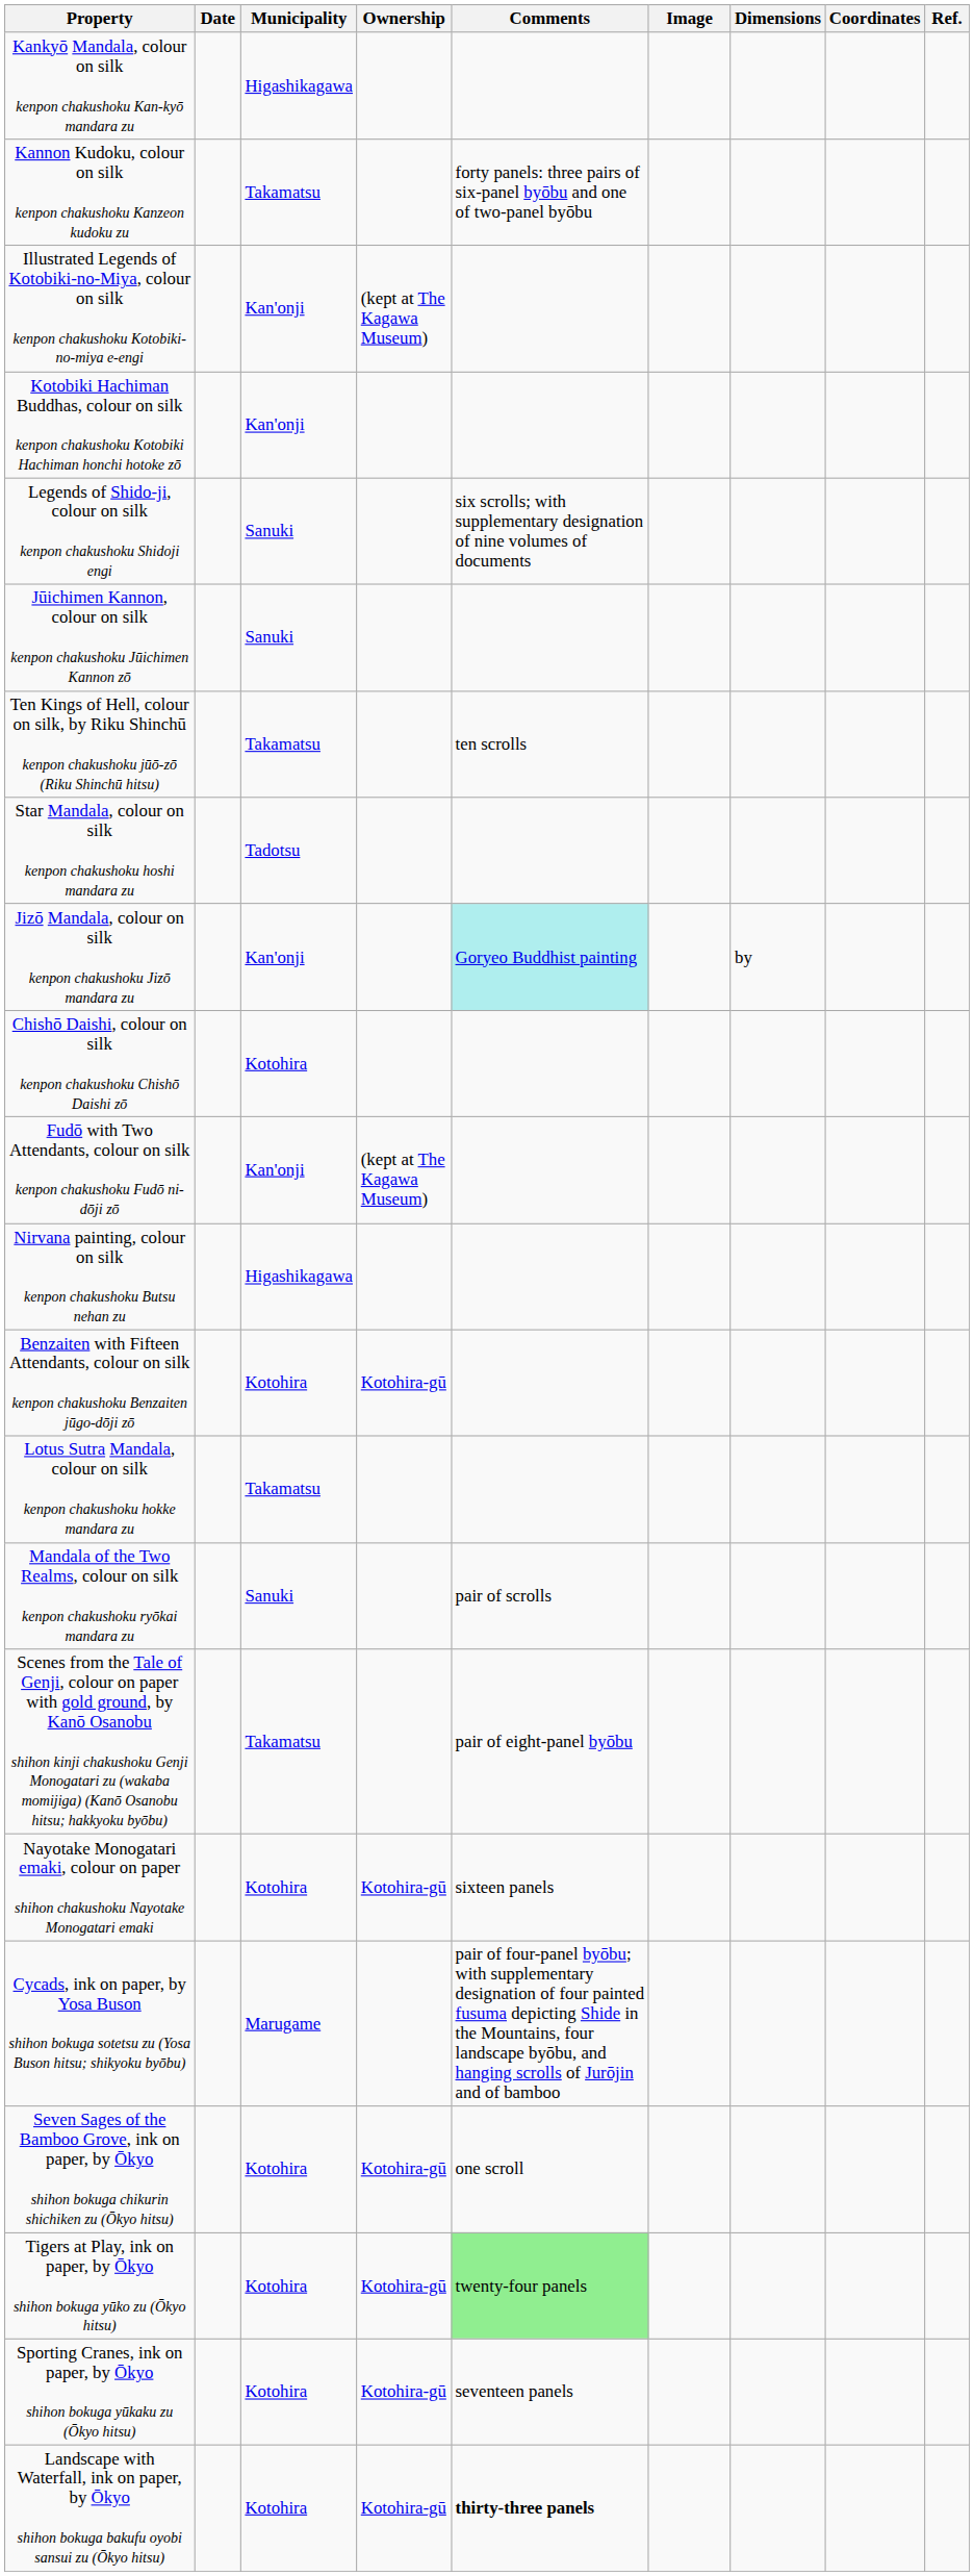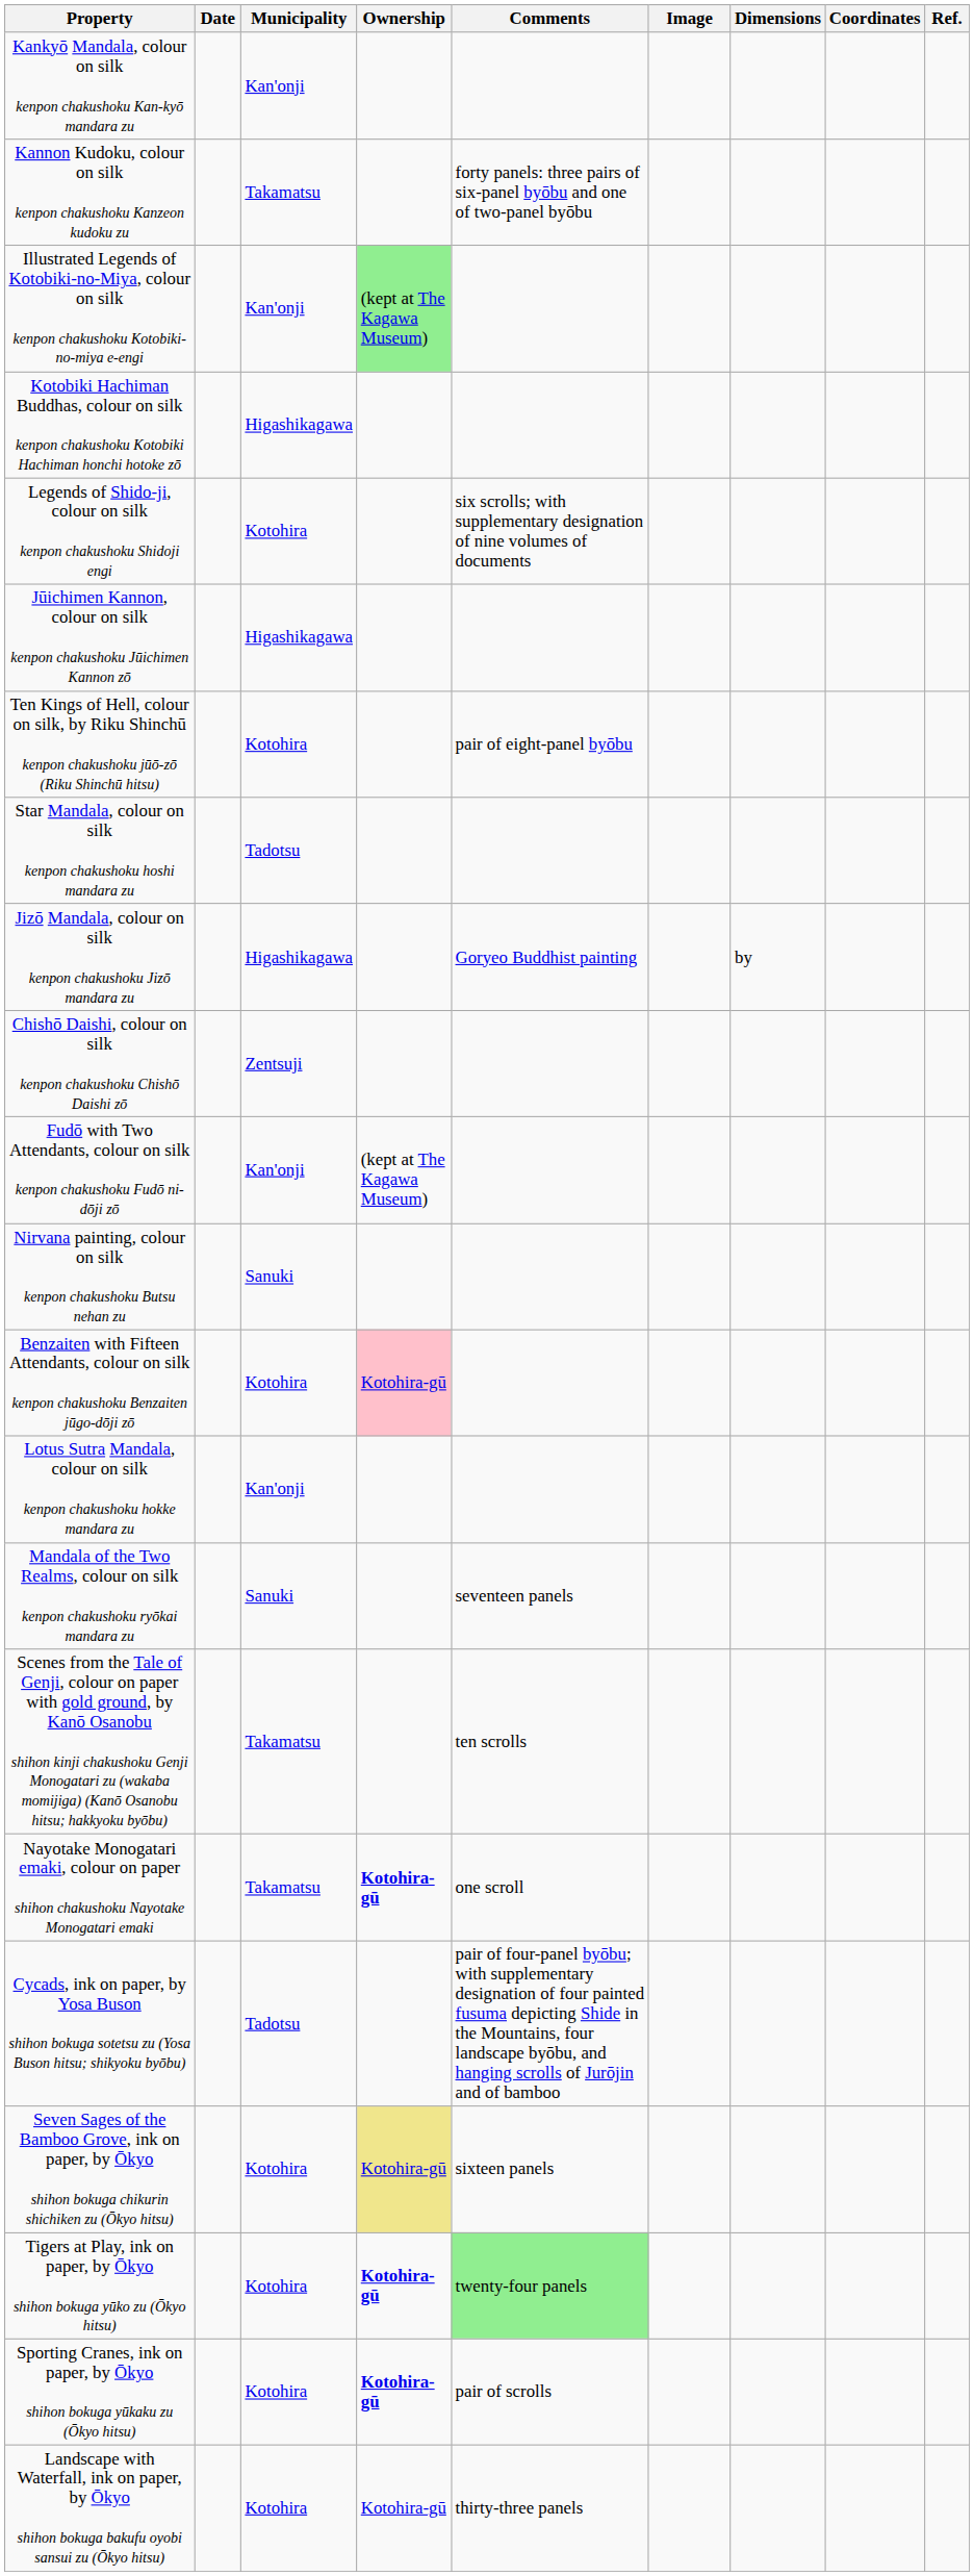 <table class="wikitable sortable"  style="width:100%;">
 <tr>
 <th width="25%" align="left">Property</th>
 <th width="5%" align="left" data-sort-type="number">Date</th>
 <th width="10%" align="left">Municipality</th>
 <th width="10%" align="left">Ownership</th>
 <th width="25%" align="left" class="unsortable">Comments</th>
 <th width="10%" align="left" class="unsortable">Image</th>
 <th width="5%" align="left" class="unsortable">Dimensions</th>
 <th width="5%" align="left" class="unsortable">Coordinates</th>
 <th width="5%" align="left" class="unsortable">Ref.</th>
 </tr>
 <tr>
 <td align="center"><a href='#'>Kankyō</a> <a href='#'>Mandala</a>, colour on silk<br><br><small><em>kenpon chakushoku Kan-kyō mandara zu</em></small></td>
 <td></td>
-<td><a href='#'>Higashikagawa</a></td>
+<td><a href='#'>Kan'onji</a></td>
 <td></td>
 <td></td>
 <td></td>
 <td></td>
 <td></td>
 <td></td>
 </tr>
 <tr>
 <td align="center"><a href='#'>Kannon</a> Kudoku, colour on silk<br><br><small><em>kenpon chakushoku Kanzeon kudoku zu</em></small></td>
 <td></td>
 <td><a href='#'>Takamatsu</a></td>
 <td></td>
 <td>forty panels: three pairs of six-panel <a href='#'>byōbu</a> and one of two-panel byōbu</td>
 <td></td>
 <td></td>
 <td></td>
 <td></td>
 </tr>
 <tr>
 <td align="center">Illustrated Legends of <a href='#'>Kotobiki-no-Miya</a>, colour on silk<br><br><small><em>kenpon chakushoku Kotobiki-no-miya e-engi</em></small></td>
 <td></td>
 <td><a href='#'>Kan'onji</a></td>
-<td><br>(kept at <a href='#'>The Kagawa Museum</a>)</td>
+<td style="background: lightgreen;"><br>(kept at <a href='#'>The Kagawa Museum</a>)</td>
 <td></td>
 <td></td>
 <td></td>
 <td></td>
 <td></td>
 </tr>
 <tr>
 <td align="center"><a href='#'>Kotobiki Hachiman</a> Buddhas, colour on silk<br><br><small><em>kenpon chakushoku Kotobiki Hachiman honchi hotoke zō</em></small></td>
 <td></td>
-<td><a href='#'>Kan'onji</a></td>
+<td><a href='#'>Higashikagawa</a></td>
 <td></td>
 <td></td>
 <td align="center"></td>
 <td></td>
 <td></td>
 <td></td>
 </tr>
 <tr>
 <td align="center">Legends of <a href='#'>Shido-ji</a>, colour on silk<br><br><small><em>kenpon chakushoku Shidoji engi</em></small></td>
 <td></td>
-<td><a href='#'>Sanuki</a></td>
+<td><a href='#'>Kotohira</a></td>
 <td></td>
 <td>six scrolls; with supplementary designation of nine volumes of documents</td>
 <td></td>
 <td></td>
 <td></td>
 <td></td>
 </tr>
 <tr>
 <td align="center"><a href='#'>Jūichimen Kannon</a>, colour on silk<br><br><small><em>kenpon chakushoku Jūichimen Kannon zō</em></small></td>
 <td></td>
-<td><a href='#'>Sanuki</a></td>
+<td><a href='#'>Higashikagawa</a></td>
 <td></td>
 <td></td>
 <td align="center"></td>
 <td></td>
 <td></td>
 <td></td>
 </tr>
 <tr>
 <td align="center">Ten Kings of Hell, colour on silk, by Riku Shinchū<br><br><small><em>kenpon chakushoku jūō-zō (Riku Shinchū hitsu)</em></small></td>
 <td></td>
-<td><a href='#'>Takamatsu</a></td>
+<td><a href='#'>Kotohira</a></td>
 <td></td>
-<td>ten scrolls</td>
+<td>pair of eight-panel <a href='#'>byōbu</a></td>
 <td></td>
 <td></td>
 <td></td>
 <td></td>
 </tr>
 <tr>
 <td align="center">Star <a href='#'>Mandala</a>, colour on silk<br><br><small><em>kenpon chakushoku hoshi mandara zu</em></small></td>
 <td></td>
 <td><a href='#'>Tadotsu</a></td>
 <td></td>
 <td></td>
 <td></td>
 <td></td>
 <td></td>
 <td></td>
 </tr>
 <tr>
 <td align="center"><a href='#'>Jizō</a> <a href='#'>Mandala</a>, colour on silk<br><br><small><em>kenpon chakushoku Jizō mandara zu</em></small></td>
 <td></td>
-<td><a href='#'>Kan'onji</a></td>
+<td><a href='#'>Higashikagawa</a></td>
 <td></td>
-<td style="background: paleturquoise;"><a href='#'>Goryeo Buddhist painting</a></td>
+<td><a href='#'>Goryeo Buddhist painting</a></td>
 <td></td>
 <td> by </td>
 <td></td>
 <td></td>
 </tr>
 <tr>
 <td align="center"><a href='#'>Chishō Daishi</a>, colour on silk<br><br><small><em>kenpon chakushoku Chishō Daishi zō</em></small></td>
 <td></td>
-<td><a href='#'>Kotohira</a></td>
+<td><a href='#'>Zentsuji</a></td>
 <td></td>
 <td></td>
 <td></td>
 <td></td>
 <td></td>
 <td></td>
 </tr>
 <tr>
 <td align="center"><a href='#'>Fudō</a> with Two Attendants, colour on silk<br><br><small><em>kenpon chakushoku Fudō ni-dōji zō</em></small></td>
 <td></td>
 <td><a href='#'>Kan'onji</a></td>
 <td><br>(kept at <a href='#'>The Kagawa Museum</a>)</td>
 <td></td>
 <td></td>
 <td></td>
 <td></td>
 <td></td>
 </tr>
 <tr>
 <td align="center"><a href='#'>Nirvana</a> painting, colour on silk<br><br><small><em>kenpon chakushoku Butsu nehan zu</em></small></td>
 <td></td>
-<td><a href='#'>Higashikagawa</a></td>
+<td><a href='#'>Sanuki</a></td>
 <td></td>
 <td></td>
 <td></td>
 <td></td>
 <td></td>
 <td></td>
 </tr>
 <tr>
 <td align="center"><a href='#'>Benzaiten</a> with Fifteen Attendants, colour on silk<br><br><small><em>kenpon chakushoku Benzaiten jūgo-dōji zō</em></small></td>
 <td></td>
 <td><a href='#'>Kotohira</a></td>
-<td><a href='#'>Kotohira-gū</a></td>
+<td style="background: pink;"><a href='#'>Kotohira-gū</a></td>
 <td></td>
 <td></td>
 <td></td>
 <td></td>
 <td></td>
 </tr>
 <tr>
 <td align="center"><a href='#'>Lotus Sutra</a> <a href='#'>Mandala</a>, colour on silk<br><br><small><em>kenpon chakushoku hokke mandara zu</em></small></td>
 <td></td>
-<td><a href='#'>Takamatsu</a></td>
+<td><a href='#'>Kan'onji</a></td>
 <td></td>
 <td></td>
 <td></td>
 <td></td>
 <td></td>
 <td></td>
 </tr>
 <tr>
 <td align="center"><a href='#'>Mandala of the Two Realms</a>, colour on silk<br><br><small><em>kenpon chakushoku ryōkai mandara zu</em></small></td>
 <td></td>
 <td><a href='#'>Sanuki</a></td>
 <td></td>
-<td>pair of scrolls</td>
+<td>seventeen panels</td>
 <td> </td>
 <td></td>
 <td></td>
 <td></td>
 </tr>
 <tr>
 <td align="center">Scenes from the <a href='#'>Tale of Genji</a>, colour on paper with <a href='#'>gold ground</a>, by <a href='#'>Kanō Osanobu</a><br><br><small><em>shihon kinji chakushoku Genji Monogatari zu (wakaba momijiga) (Kanō Osanobu hitsu; hakkyoku byōbu)</em></small></td>
 <td></td>
 <td><a href='#'>Takamatsu</a></td>
 <td></td>
-<td>pair of eight-panel <a href='#'>byōbu</a></td>
+<td>ten scrolls</td>
 <td></td>
 <td></td>
 <td></td>
 <td></td>
 </tr>
 <tr>
 <td align="center">Nayotake Monogatari <a href='#'>emaki</a>, colour on paper<br><br><small><em>shihon chakushoku Nayotake Monogatari emaki</em></small></td>
 <td></td>
-<td><a href='#'>Kotohira</a></td>
-<td><a href='#'>Kotohira-gū</a></td>
-<td>sixteen panels</td>
+<td><a href='#'>Takamatsu</a></td>
+<td><strong><a href='#'>Kotohira-gū</a></strong></td>
+<td>one scroll</td>
 <td></td>
 <td></td>
 <td></td>
 <td></td>
 </tr>
 <tr>
 <td align="center"><a href='#'>Cycads</a>, ink on paper, by <a href='#'>Yosa Buson</a><br><br><small><em>shihon bokuga sotetsu zu (Yosa Buson hitsu; shikyoku byōbu)</em></small></td>
 <td></td>
-<td><a href='#'>Marugame</a></td>
+<td><a href='#'>Tadotsu</a></td>
 <td></td>
 <td>pair of four-panel <a href='#'>byōbu</a>; with supplementary designation of four painted <a href='#'>fusuma</a> depicting <a href='#'>Shide</a> in the Mountains, four landscape byōbu, and <a href='#'>hanging scrolls</a> of <a href='#'>Jurōjin</a> and of bamboo</td>
 <td></td>
 <td></td>
 <td></td>
 <td></td>
 </tr>
 <tr>
 <td align="center"><a href='#'>Seven Sages of the Bamboo Grove</a>, ink on paper, by <a href='#'>Ōkyo</a><br><br><small><em>shihon bokuga chikurin shichiken zu (Ōkyo hitsu)</em></small></td>
 <td></td>
 <td><a href='#'>Kotohira</a></td>
-<td><a href='#'>Kotohira-gū</a></td>
-<td>one scroll</td>
+<td style="background: khaki;"><a href='#'>Kotohira-gū</a></td>
+<td>sixteen panels</td>
 <td></td>
 <td></td>
 <td></td>
 <td></td>
 </tr>
 <tr>
 <td align="center">Tigers at Play, ink on paper, by <a href='#'>Ōkyo</a><br><br><small><em>shihon bokuga yūko zu (Ōkyo hitsu)</em></small></td>
 <td></td>
 <td><a href='#'>Kotohira</a></td>
-<td><a href='#'>Kotohira-gū</a></td>
+<td><strong><a href='#'>Kotohira-gū</a></strong></td>
 <td style="background: lightgreen;">twenty-four panels</td>
 <td></td>
 <td></td>
 <td></td>
 <td></td>
 </tr>
 <tr>
 <td align="center">Sporting Cranes, ink on paper, by <a href='#'>Ōkyo</a><br><br><small><em>shihon bokuga yūkaku zu (Ōkyo hitsu)</em></small></td>
 <td></td>
 <td><a href='#'>Kotohira</a></td>
-<td><a href='#'>Kotohira-gū</a></td>
-<td>seventeen panels</td>
+<td><strong><a href='#'>Kotohira-gū</a></strong></td>
+<td>pair of scrolls</td>
 <td></td>
 <td></td>
 <td></td>
 <td></td>
 </tr>
 <tr>
 <td align="center">Landscape with Waterfall, ink on paper, by <a href='#'>Ōkyo</a><br><br><small><em>shihon bokuga bakufu oyobi sansui zu (Ōkyo hitsu)</em></small></td>
 <td></td>
 <td><a href='#'>Kotohira</a></td>
 <td><a href='#'>Kotohira-gū</a></td>
-<td><strong>thirty-three panels</strong></td>
+<td>thirty-three panels</td>
 <td></td>
 <td></td>
 <td></td>
 <td></td>
 </tr>
 <tr>
 </tr>
 </table>
